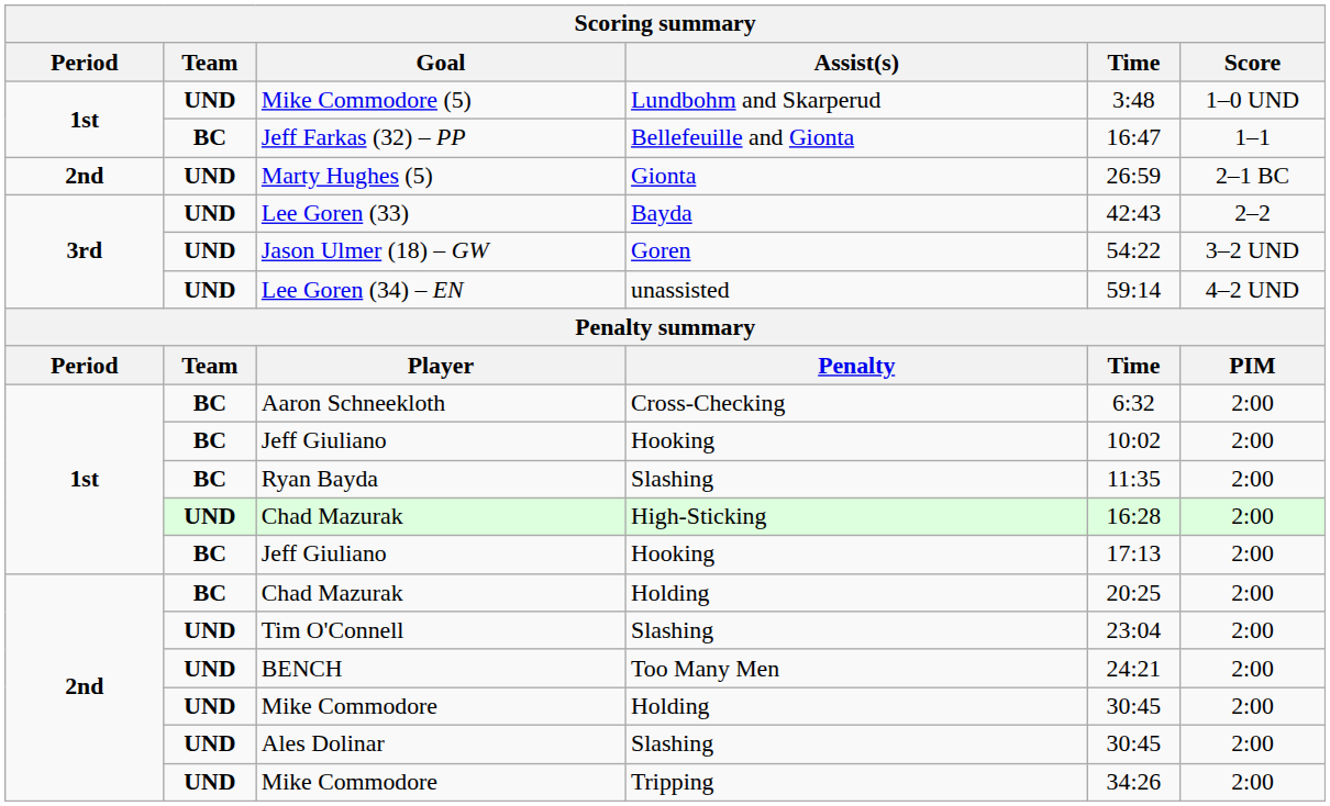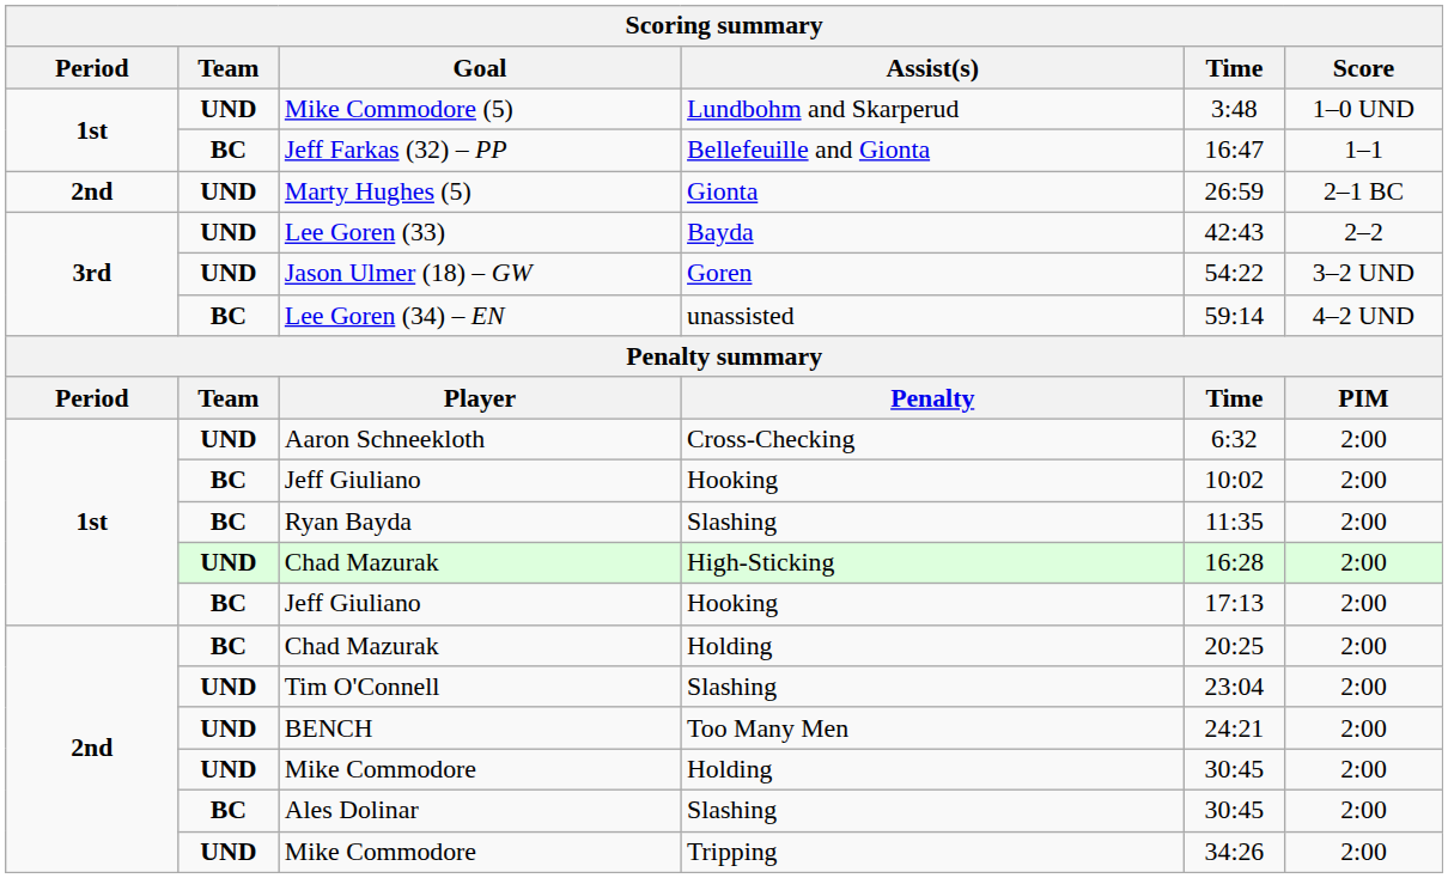 <table style="width:100%;" class="wikitable">
 <tr>
 <th colspan=6>Scoring summary</th>
 </tr>
 <tr>
 <th style="width:12%;">Period</th>
 <th style="width:7%;">Team</th>
 <th style="width:28%;">Goal</th>
 <th style="width:35%;">Assist(s)</th>
 <th style="width:7%;">Time</th>
 <th style="width:11%;">Score</th>
 </tr>
 <tr>
 <td style="text-align:center;" rowspan="2"><strong>1st</strong></td>
 <td align=center><strong>UND</strong></td>
 <td><a href='#'>Mike Commodore</a> (5)</td>
 <td><a href='#'>Lundbohm</a> and Skarperud</td>
 <td align=center>3:48</td>
 <td align=center>1–0 UND</td>
 </tr>
 <tr>
 <td align=center><strong>BC</strong></td>
 <td><a href='#'>Jeff Farkas</a> (32) – <em>PP</em></td>
 <td><a href='#'>Bellefeuille</a> and <a href='#'>Gionta</a></td>
 <td align=center>16:47</td>
 <td align=center>1–1</td>
 </tr>
 <tr>
 <td align=center><strong>2nd</strong></td>
 <td align=center><strong>UND</strong></td>
 <td><a href='#'>Marty Hughes</a> (5)</td>
 <td><a href='#'>Gionta</a></td>
 <td align=center>26:59</td>
 <td align=center>2–1 BC</td>
 </tr>
 <tr>
 <td style="text-align:center;" rowspan="3"><strong>3rd</strong></td>
 <td align=center><strong>UND</strong></td>
 <td><a href='#'>Lee Goren</a> (33)</td>
 <td><a href='#'>Bayda</a></td>
 <td align=center>42:43</td>
 <td align=center>2–2</td>
 </tr>
 <tr>
 <td align=center><strong>UND</strong></td>
 <td><a href='#'>Jason Ulmer</a> (18) – <em>GW</em></td>
 <td><a href='#'>Goren</a></td>
 <td align=center>54:22</td>
 <td align=center>3–2 UND</td>
 </tr>
 <tr>
-<td align=center><strong>UND</strong></td>
+<td align=center><strong>BC</strong></td>
 <td><a href='#'>Lee Goren</a> (34) – <em>EN</em></td>
 <td>unassisted</td>
 <td align=center>59:14</td>
 <td align=center>4–2 UND</td>
 </tr>
 <tr>
 <th colspan=6>Penalty summary</th>
 </tr>
 <tr>
 <th style="width:12%;">Period</th>
 <th style="width:7%;">Team</th>
 <th style="width:28%;">Player</th>
 <th style="width:35%;"><a href='#'>Penalty</a></th>
 <th style="width:7%;">Time</th>
 <th style="width:11%;">PIM</th>
 </tr>
 <tr>
 <td style="text-align:center;" rowspan="5"><strong>1st</strong></td>
-<td align=center><strong>BC</strong></td>
+<td align=center><strong>UND</strong></td>
 <td>Aaron Schneekloth</td>
 <td>Cross-Checking</td>
 <td align=center>6:32</td>
 <td align=center>2:00</td>
 </tr>
 <tr>
 <td align=center><strong>BC</strong></td>
 <td>Jeff Giuliano</td>
 <td>Hooking</td>
 <td align=center>10:02</td>
 <td align=center>2:00</td>
 </tr>
 <tr>
 <td align=center><strong>BC</strong></td>
 <td>Ryan Bayda</td>
 <td>Slashing</td>
 <td align=center>11:35</td>
 <td align=center>2:00</td>
 </tr>
 <tr bgcolor=ddffdd>
 <td align=center><strong>UND</strong></td>
 <td>Chad Mazurak</td>
 <td>High-Sticking</td>
 <td align=center>16:28</td>
 <td align=center>2:00</td>
 </tr>
 <tr>
 <td align=center><strong>BC</strong></td>
 <td>Jeff Giuliano</td>
 <td>Hooking</td>
 <td align=center>17:13</td>
 <td align=center>2:00</td>
 </tr>
 <tr>
 <td style="text-align:center;" rowspan="6"><strong>2nd</strong></td>
 <td align=center><strong>BC</strong></td>
 <td>Chad Mazurak</td>
 <td>Holding</td>
 <td align=center>20:25</td>
 <td align=center>2:00</td>
 </tr>
 <tr>
 <td align=center><strong>UND</strong></td>
 <td>Tim O'Connell</td>
 <td>Slashing</td>
 <td align=center>23:04</td>
 <td align=center>2:00</td>
 </tr>
 <tr>
 <td align=center><strong>UND</strong></td>
 <td>BENCH</td>
 <td>Too Many Men</td>
 <td align=center>24:21</td>
 <td align=center>2:00</td>
 </tr>
 <tr>
 <td align=center><strong>UND</strong></td>
 <td>Mike Commodore</td>
 <td>Holding</td>
 <td align=center>30:45</td>
 <td align=center>2:00</td>
 </tr>
 <tr>
-<td align=center><strong>UND</strong></td>
+<td align=center><strong>BC</strong></td>
 <td>Ales Dolinar</td>
 <td>Slashing</td>
 <td align=center>30:45</td>
 <td align=center>2:00</td>
 </tr>
 <tr>
 <td align=center><strong>UND</strong></td>
 <td>Mike Commodore</td>
 <td>Tripping</td>
 <td align=center>34:26</td>
 <td align=center>2:00</td>
 </tr>
 <tr>
 </tr>
 </table>
